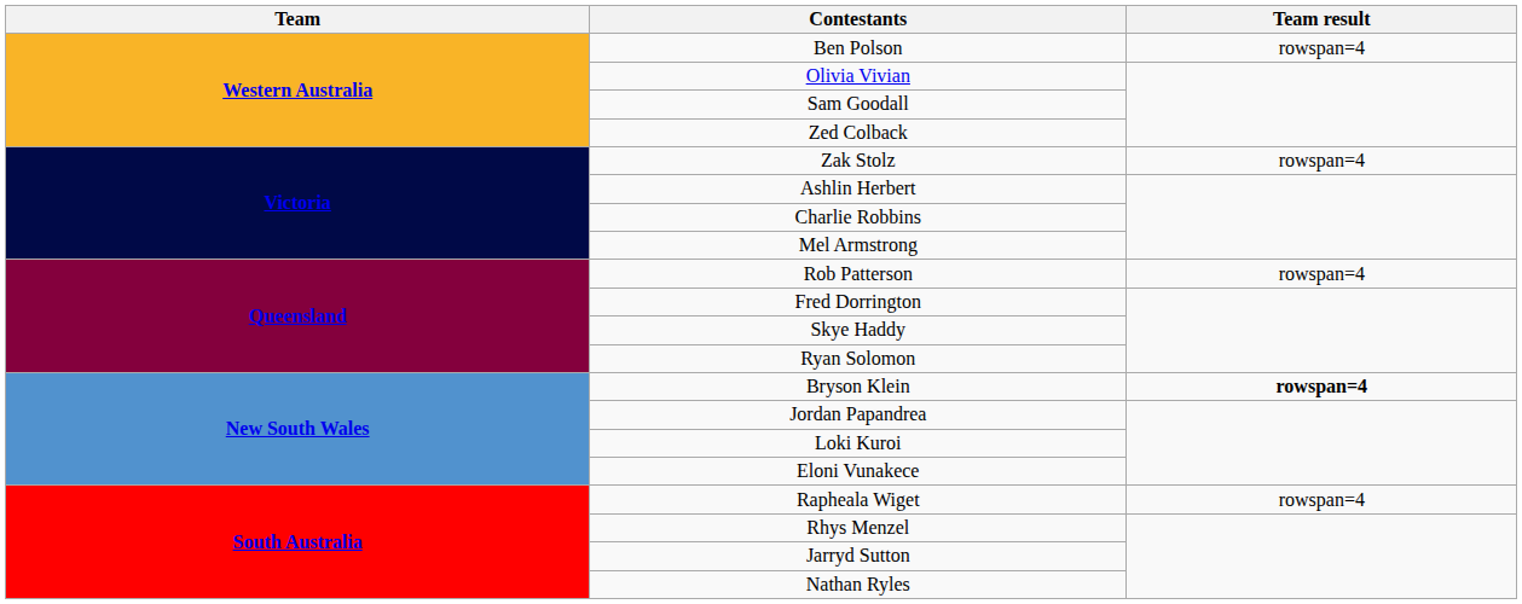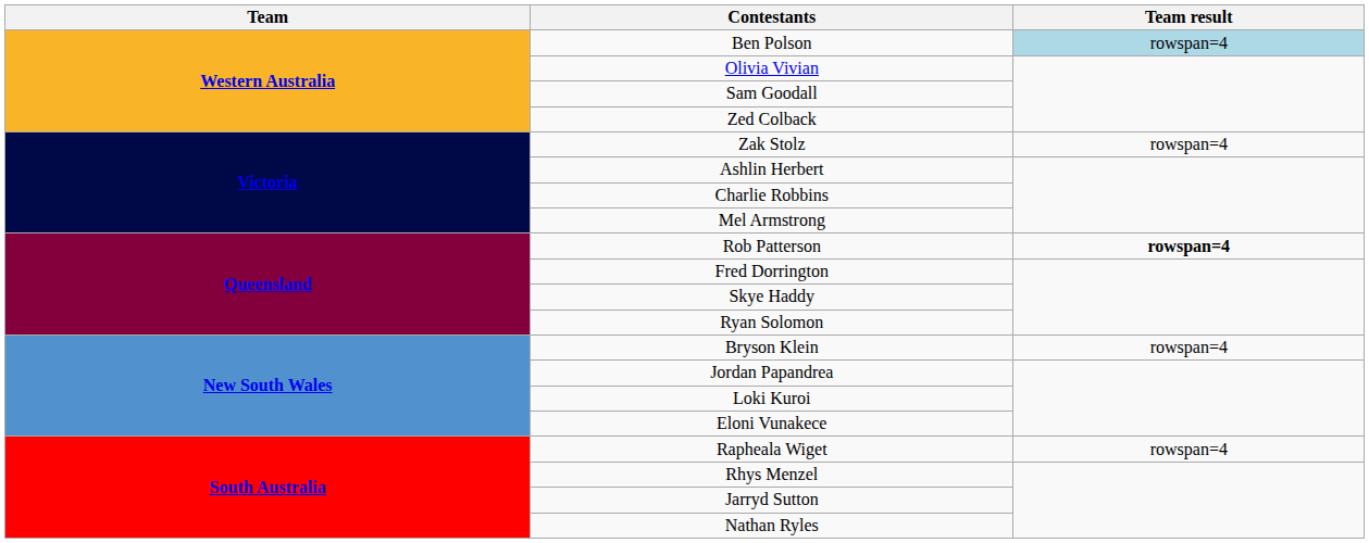 <table class="wikitable plainrowheaders" style="text-align:center; line-height:16px; width:99%;">
 <tr valign="top">
 <th>Team</th>
 <th>Contestants</th>
 <th>Team result</th>
 </tr>
 <tr>
 <th rowspan=4 style="background:#f9b427; color:black; text-align:center;"><a href='#'>Western Australia</a></th>
 <td>Ben Polson</td>
-<td>rowspan=4 </td>
+<td style="background: lightblue;">rowspan=4 </td>
 </tr>
 <tr>
 <td><a href='#'>Olivia Vivian</a></td>
 </tr>
 <tr>
 <td>Sam Goodall</td>
 </tr>
 <tr>
 <td>Zed Colback</td>
 </tr>
 <tr>
 <th rowspan=4 style="background:#000947; color:white; text-align:center;"><a href='#'><span>Victoria</span></a></th>
 <td>Zak Stolz</td>
 <td>rowspan=4 </td>
 </tr>
 <tr>
 <td>Ashlin Herbert</td>
 </tr>
 <tr>
 <td>Charlie Robbins</td>
 </tr>
 <tr>
 <td>Mel Armstrong</td>
 </tr>
 <tr>
 <th rowspan=4 style="background:#84003d; color:white; text-align:center;"><a href='#'><span>Queensland</span></a></th>
 <td>Rob Patterson</td>
-<td>rowspan=4 </td>
+<td><strong>rowspan=4 </strong></td>
 </tr>
 <tr>
 <td>Fred Dorrington</td>
 </tr>
 <tr>
 <td>Skye Haddy</td>
 </tr>
 <tr>
 <td>Ryan Solomon</td>
 </tr>
 <tr>
 <th rowspan=4 style="background:#5192ce; color:#292f56; text-align:center;"><a href='#'><span>New South Wales</span></a></th>
 <td>Bryson Klein</td>
-<td><strong>rowspan=4 </strong></td>
+<td>rowspan=4 </td>
 </tr>
 <tr>
 <td>Jordan Papandrea</td>
 </tr>
 <tr>
 <td>Loki Kuroi</td>
 </tr>
 <tr>
 <td>Eloni Vunakece</td>
 </tr>
 <tr>
 <th rowspan=4 style="background:red; color:yellow; text-align:center;"><a href='#'><span>South Australia</span></a></th>
 <td>Rapheala Wiget</td>
 <td>rowspan=4 </td>
 </tr>
 <tr>
 <td>Rhys Menzel</td>
 </tr>
 <tr>
 <td>Jarryd Sutton</td>
 </tr>
 <tr>
 <td>Nathan Ryles</td>
 </tr>
 </table>
